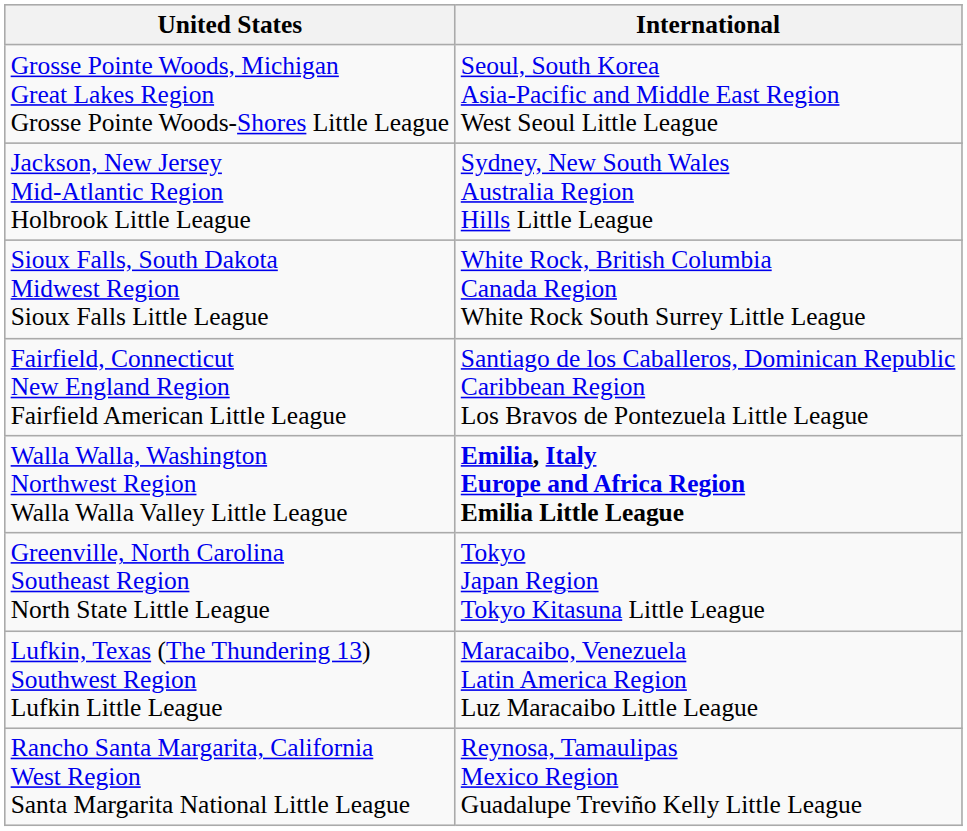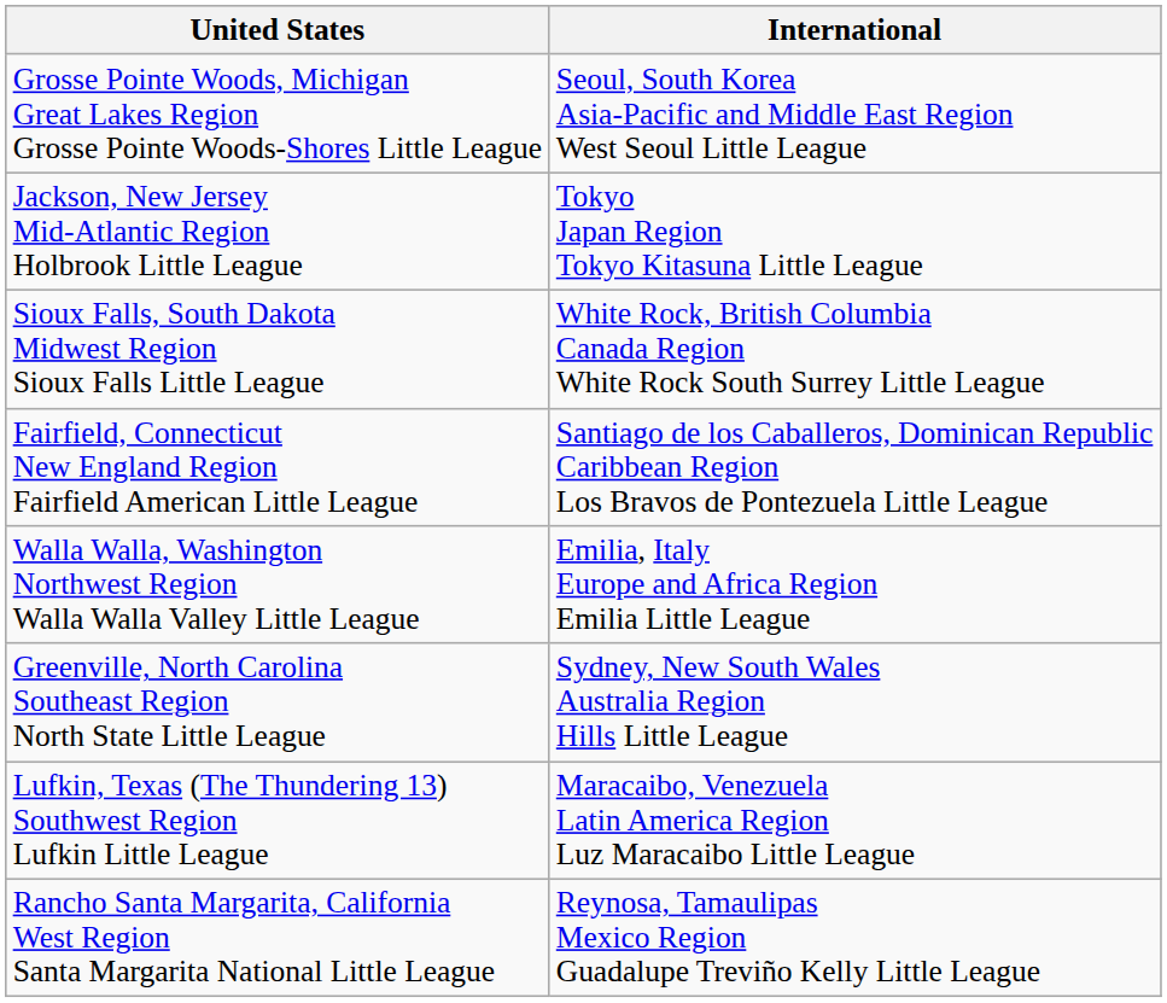 <table class="wikitable">
 <tr>
 <th>United States</th>
 <th>International</th>
 </tr>
 <tr>
 <td> <a href='#'>Grosse Pointe Woods, Michigan</a><br><a href='#'>Great Lakes Region</a><br>Grosse Pointe Woods-<a href='#'>Shores</a> Little League</td>
 <td> <a href='#'>Seoul, South Korea</a> <br> <a href='#'>Asia-Pacific and Middle East Region</a> <br> West Seoul Little League</td>
 </tr>
 <tr>
 <td> <a href='#'>Jackson, New Jersey</a><br><a href='#'>Mid-Atlantic Region</a><br>Holbrook Little League</td>
-<td> <a href='#'>Sydney, New South Wales</a> <br>  <a href='#'>Australia Region</a> <br> <a href='#'>Hills</a> Little League</td>
+<td> <a href='#'>Tokyo</a><br> <a href='#'>Japan Region</a><br><a href='#'>Tokyo Kitasuna</a> Little League</td>
 </tr>
 <tr>
 <td> <a href='#'>Sioux Falls, South Dakota</a><br><a href='#'>Midwest Region</a><br>Sioux Falls Little League</td>
 <td> <a href='#'>White Rock, British Columbia</a><br> <a href='#'>Canada Region</a><br>White Rock South Surrey Little League</td>
 </tr>
 <tr>
 <td> <a href='#'>Fairfield, Connecticut</a><br><a href='#'>New England Region</a><br>Fairfield American Little League</td>
 <td> <a href='#'>Santiago de los Caballeros, Dominican Republic</a><br><a href='#'>Caribbean Region</a><br>Los Bravos de Pontezuela Little League</td>
 </tr>
 <tr>
 <td> <a href='#'>Walla Walla, Washington</a><br><a href='#'>Northwest Region</a><br>Walla Walla Valley Little League</td>
-<td><strong> <a href='#'>Emilia</a>, <a href='#'>Italy</a><br><a href='#'>Europe and Africa Region</a><br>Emilia Little League</strong></td>
+<td> <a href='#'>Emilia</a>, <a href='#'>Italy</a><br><a href='#'>Europe and Africa Region</a><br>Emilia Little League</td>
 </tr>
 <tr>
 <td> <a href='#'>Greenville, North Carolina</a><br><a href='#'>Southeast Region</a><br>North State Little League</td>
-<td> <a href='#'>Tokyo</a><br> <a href='#'>Japan Region</a><br><a href='#'>Tokyo Kitasuna</a> Little League</td>
+<td> <a href='#'>Sydney, New South Wales</a> <br>  <a href='#'>Australia Region</a> <br> <a href='#'>Hills</a> Little League</td>
 </tr>
 <tr>
 <td> <a href='#'>Lufkin, Texas</a> (<a href='#'>The Thundering 13</a>)<br><a href='#'>Southwest Region</a><br>Lufkin Little League</td>
 <td> <a href='#'>Maracaibo, Venezuela</a><br><a href='#'>Latin America Region</a><br>Luz Maracaibo Little League</td>
 </tr>
 <tr>
 <td> <a href='#'>Rancho Santa Margarita, California</a><br><a href='#'>West Region</a><br>Santa Margarita National Little League</td>
 <td> <a href='#'>Reynosa, Tamaulipas</a><br> <a href='#'>Mexico Region</a><br>Guadalupe Treviño Kelly Little League</td>
 </tr>
 </table>
